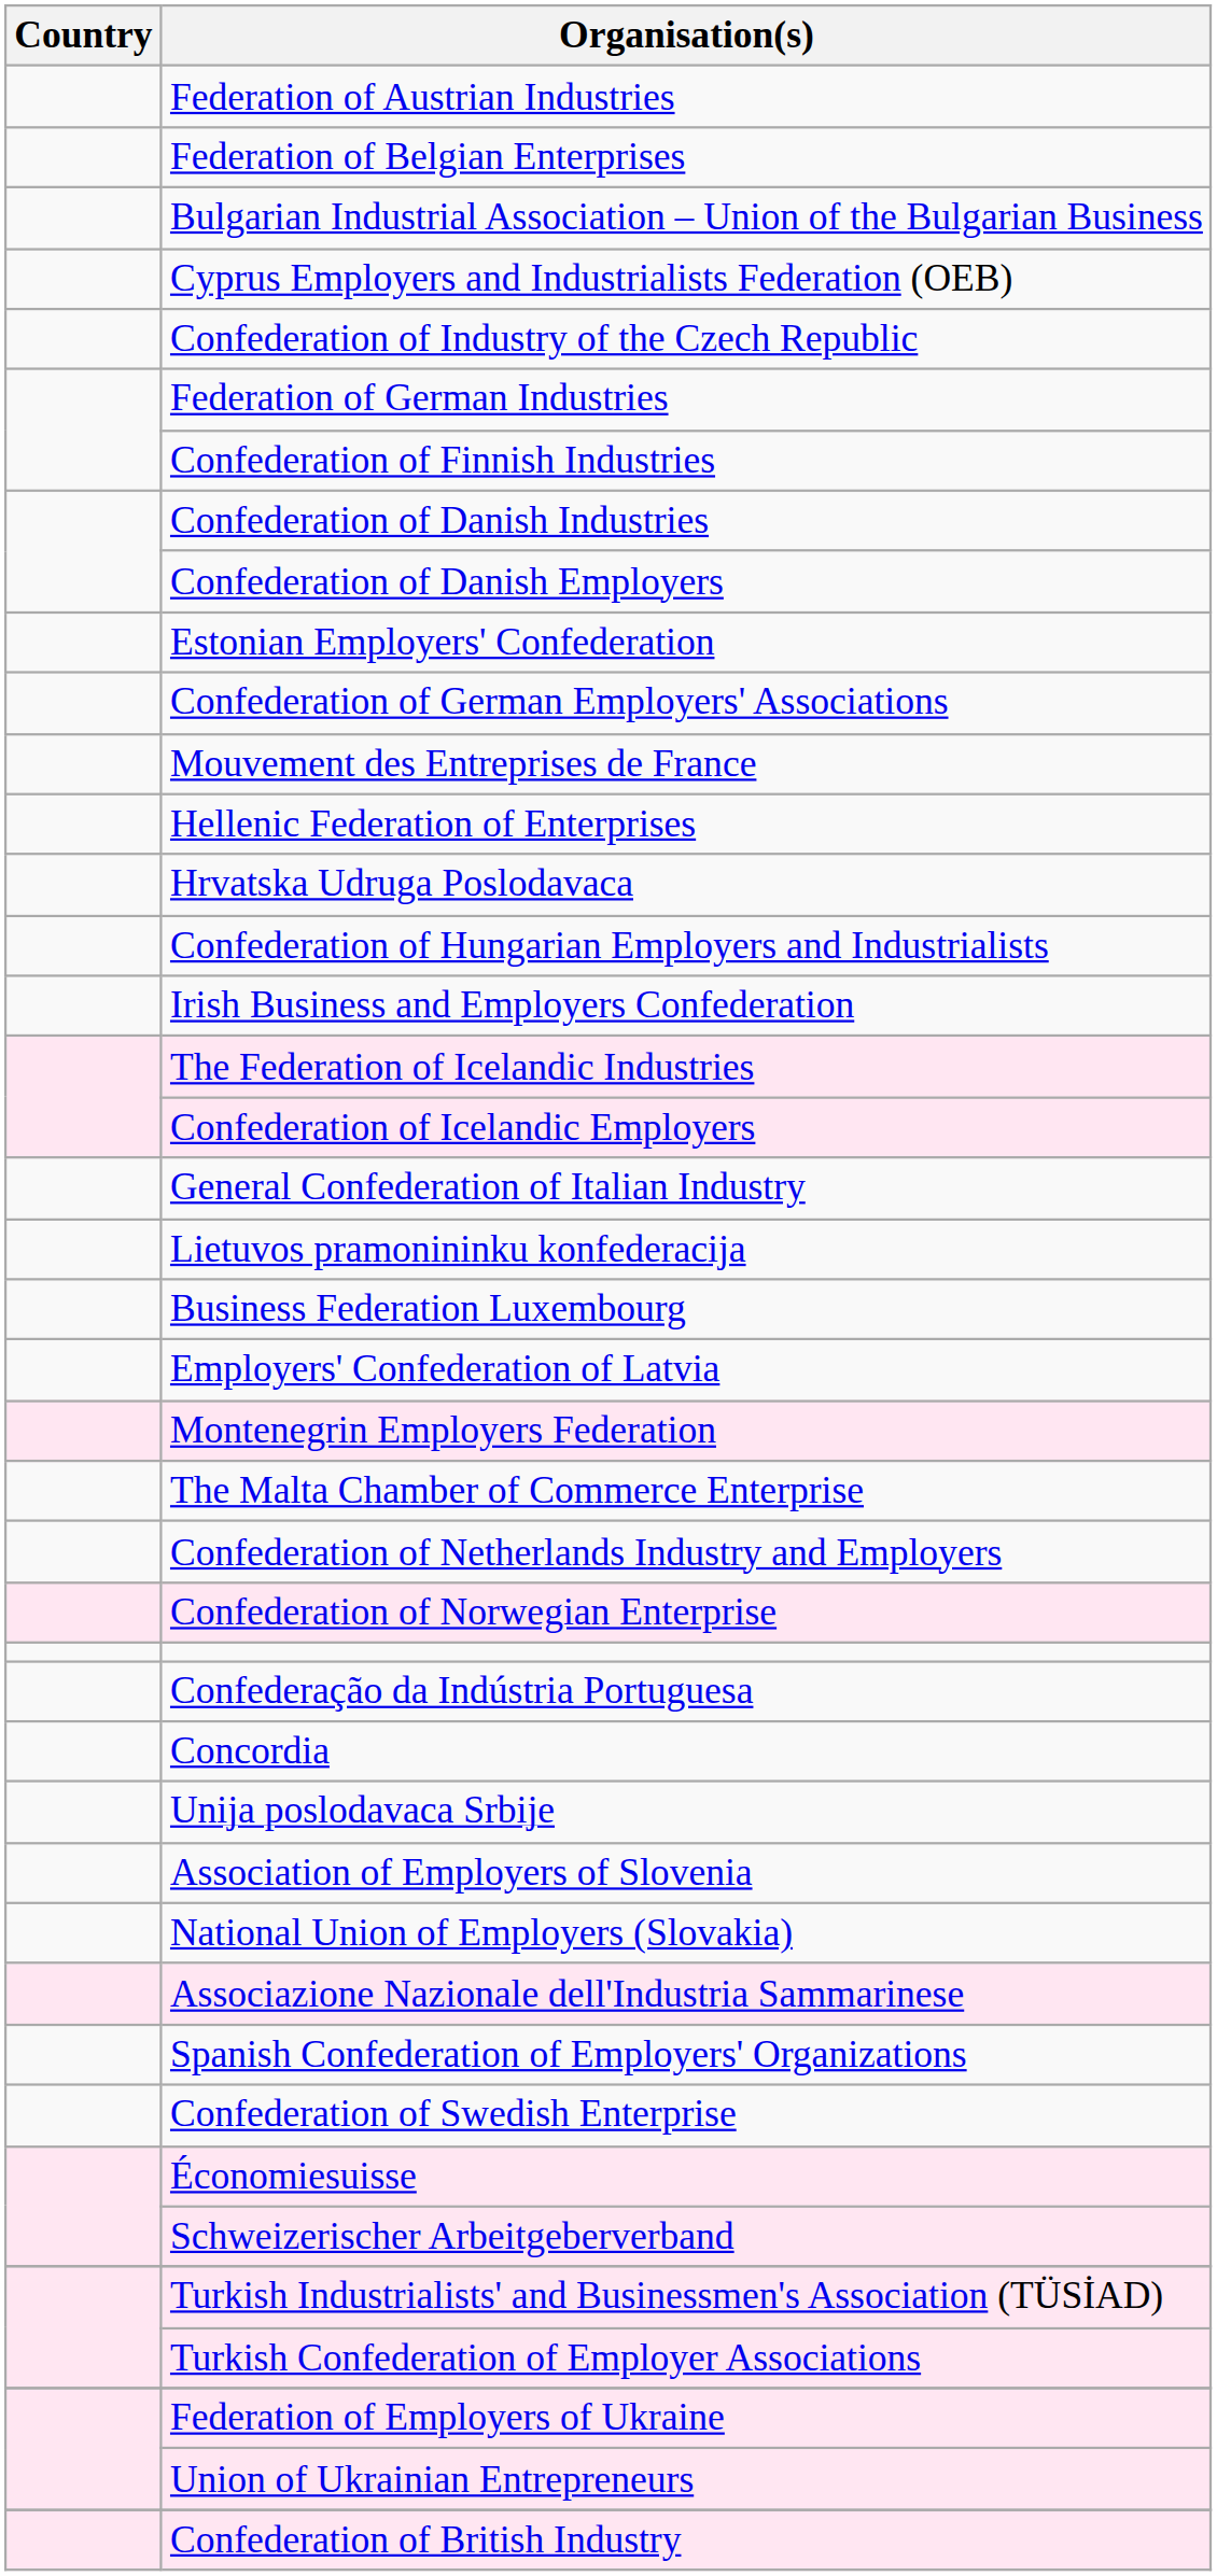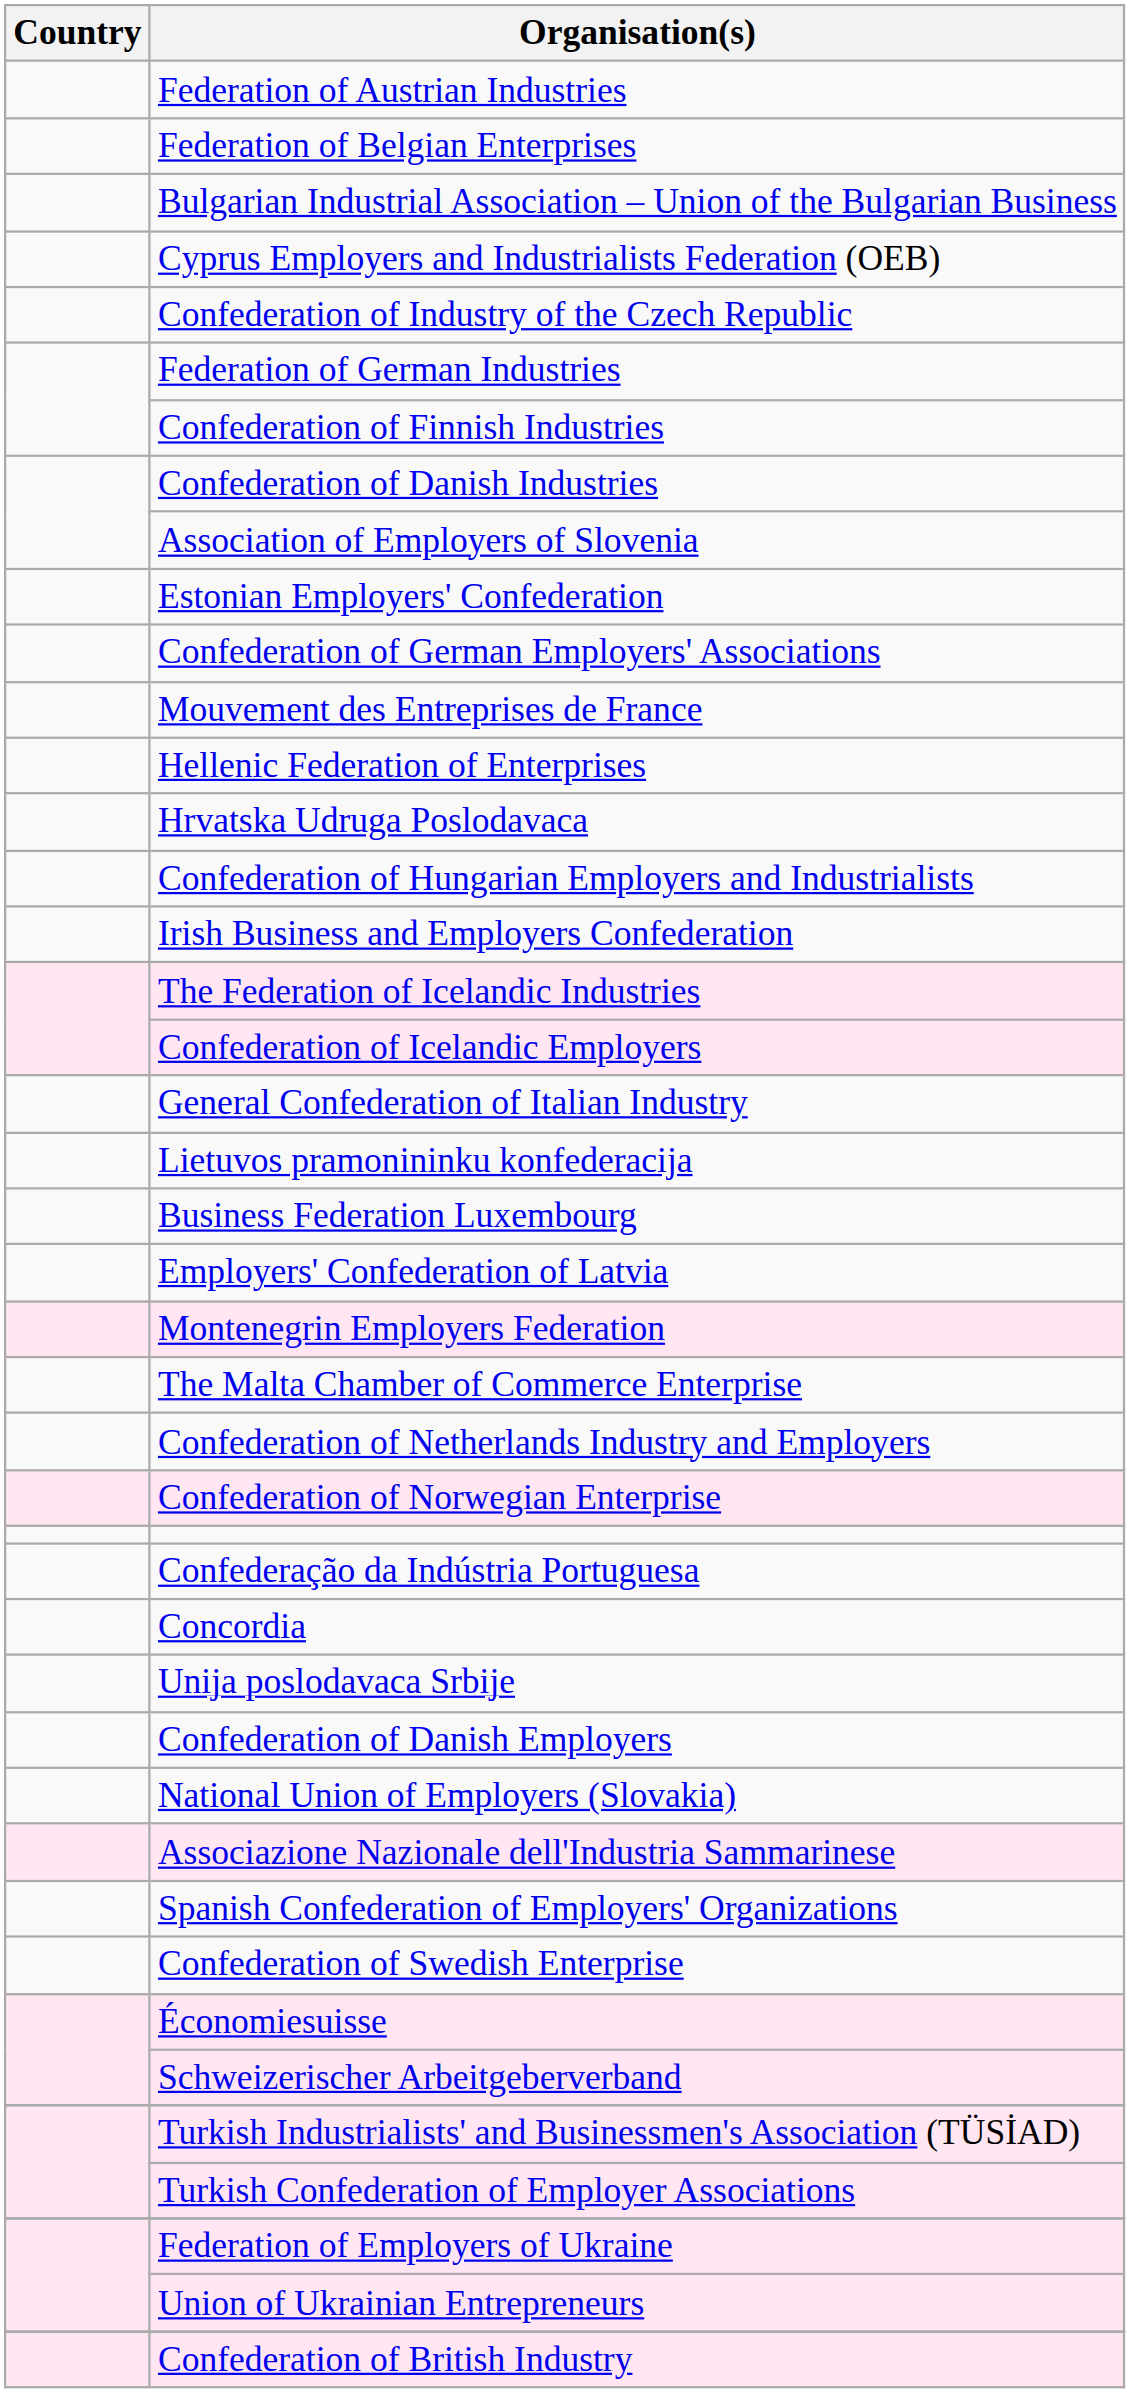 <table class="wikitable">
 <tr>
 <th>Country</th>
 <th>Organisation(s)</th>
 </tr>
 <tr>
 <td></td>
 <td><a href='#'>Federation of Austrian Industries</a></td>
 </tr>
 <tr>
 <td></td>
 <td><a href='#'>Federation of Belgian Enterprises</a></td>
 </tr>
 <tr>
 <td></td>
 <td><a href='#'>Bulgarian Industrial Association – Union of the Bulgarian Business</a></td>
 </tr>
 <tr>
 <td></td>
 <td><a href='#'>Cyprus Employers and Industrialists Federation</a> (OEB)</td>
 </tr>
 <tr>
 <td></td>
 <td><a href='#'>Confederation of Industry of the Czech Republic</a></td>
 </tr>
 <tr>
 <td rowspan="2"></td>
 <td><a href='#'>Federation of German Industries</a></td>
 </tr>
 <tr>
 <td><a href='#'>Confederation of Finnish Industries</a></td>
 </tr>
 <tr>
 <td rowspan="2"></td>
 <td><a href='#'>Confederation of Danish Industries</a></td>
 </tr>
 <tr>
-<td><a href='#'>Confederation of Danish Employers</a></td>
+<td><a href='#'>Association of Employers of Slovenia</a></td>
 </tr>
 <tr>
 <td></td>
 <td><a href='#'>Estonian Employers' Confederation</a></td>
 </tr>
 <tr>
 <td></td>
 <td><a href='#'>Confederation of German Employers' Associations</a></td>
 </tr>
 <tr>
 <td></td>
 <td><a href='#'>Mouvement des Entreprises de France</a></td>
 </tr>
 <tr>
 <td></td>
 <td><a href='#'>Hellenic Federation of Enterprises</a></td>
 </tr>
 <tr>
 <td></td>
 <td><a href='#'>Hrvatska Udruga Poslodavaca</a></td>
 </tr>
 <tr>
 <td></td>
 <td><a href='#'>Confederation of Hungarian Employers and Industrialists</a></td>
 </tr>
 <tr>
 <td></td>
 <td><a href='#'>Irish Business and Employers Confederation</a></td>
 </tr>
 <tr style="background:#FFE6F2">
 <td rowspan="2"></td>
 <td><a href='#'>The Federation of Icelandic Industries</a></td>
 </tr>
 <tr style="background:#FFE6F2">
 <td><a href='#'>Confederation of Icelandic Employers</a></td>
 </tr>
 <tr>
 <td></td>
 <td><a href='#'>General Confederation of Italian Industry</a></td>
 </tr>
 <tr>
 <td></td>
 <td><a href='#'>Lietuvos pramonininku konfederacija</a></td>
 </tr>
 <tr>
 <td></td>
 <td><a href='#'>Business Federation Luxembourg</a></td>
 </tr>
 <tr>
 <td></td>
 <td><a href='#'>Employers' Confederation of Latvia</a></td>
 </tr>
 <tr style="background:#FFE6F2">
 <td></td>
 <td><a href='#'>Montenegrin Employers Federation</a></td>
 </tr>
 <tr>
 <td></td>
 <td><a href='#'>The Malta Chamber of Commerce Enterprise</a></td>
 </tr>
 <tr>
 <td></td>
 <td><a href='#'>Confederation of Netherlands Industry and Employers</a></td>
 </tr>
 <tr style="background:#FFE6F2">
 <td></td>
 <td><a href='#'>Confederation of Norwegian Enterprise</a></td>
 </tr>
 <tr>
 <td></td>
 <td></td>
 </tr>
 <tr>
 <td></td>
 <td><a href='#'>Confederação da Indústria Portuguesa</a></td>
 </tr>
 <tr>
 <td></td>
 <td><a href='#'>Concordia</a></td>
 </tr>
 <tr>
 <td></td>
 <td><a href='#'>Unija poslodavaca Srbije</a></td>
 </tr>
 <tr>
 <td></td>
-<td><a href='#'>Association of Employers of Slovenia</a></td>
+<td><a href='#'>Confederation of Danish Employers</a></td>
 </tr>
 <tr>
 <td></td>
 <td><a href='#'>National Union of Employers (Slovakia)</a></td>
 </tr>
 <tr style="background:#FFE6F2">
 <td></td>
 <td><a href='#'>Associazione Nazionale dell'Industria Sammarinese</a></td>
 </tr>
 <tr>
 <td></td>
 <td><a href='#'>Spanish Confederation of Employers' Organizations</a></td>
 </tr>
 <tr>
 <td></td>
 <td><a href='#'>Confederation of Swedish Enterprise</a></td>
 </tr>
 <tr style="background:#FFE6F2">
 <td rowspan="2"></td>
 <td><a href='#'>Économiesuisse</a></td>
 </tr>
 <tr style="background:#FFE6F2">
 <td><a href='#'>Schweizerischer Arbeitgeberverband</a></td>
 </tr>
 <tr>
 </tr>
 <tr style="background:#FFE6F2">
 <td rowspan="2"></td>
 <td><a href='#'>Turkish Industrialists' and Businessmen's Association</a> (TÜSİAD)</td>
 </tr>
 <tr style="background:#FFE6F2">
 <td><a href='#'>Turkish Confederation of Employer Associations</a></td>
 </tr>
 <tr>
 </tr>
 <tr style="background:#FFE6F2">
 <td rowspan="2"></td>
 <td><a href='#'>Federation of Employers of Ukraine</a></td>
 </tr>
 <tr style="background:#FFE6F2">
 <td><a href='#'>Union of Ukrainian Entrepreneurs</a></td>
 </tr>
 <tr>
 </tr>
 <tr style="background:#FFE6F2">
 <td></td>
 <td><a href='#'>Confederation of British Industry</a></td>
 </tr>
 </table>
